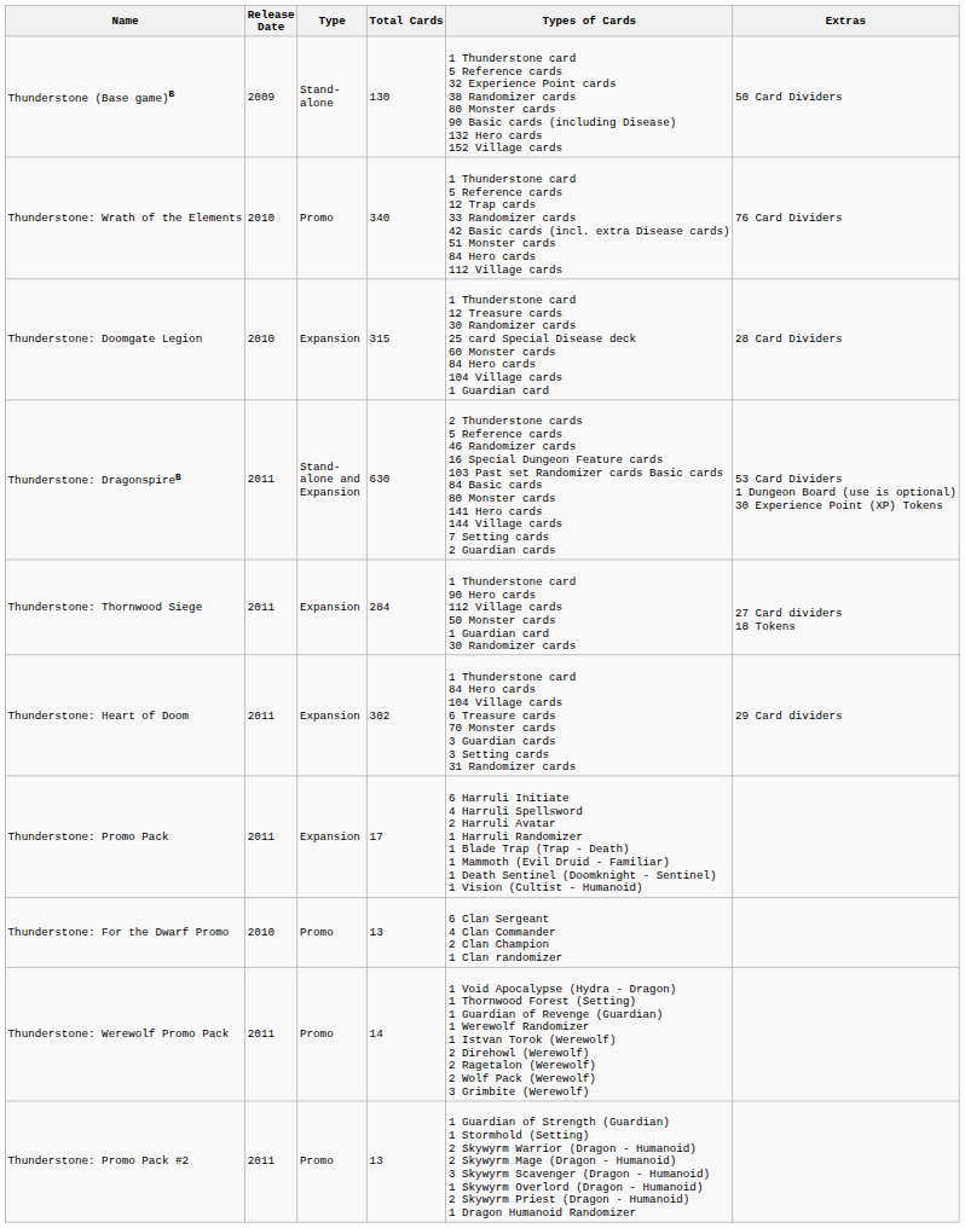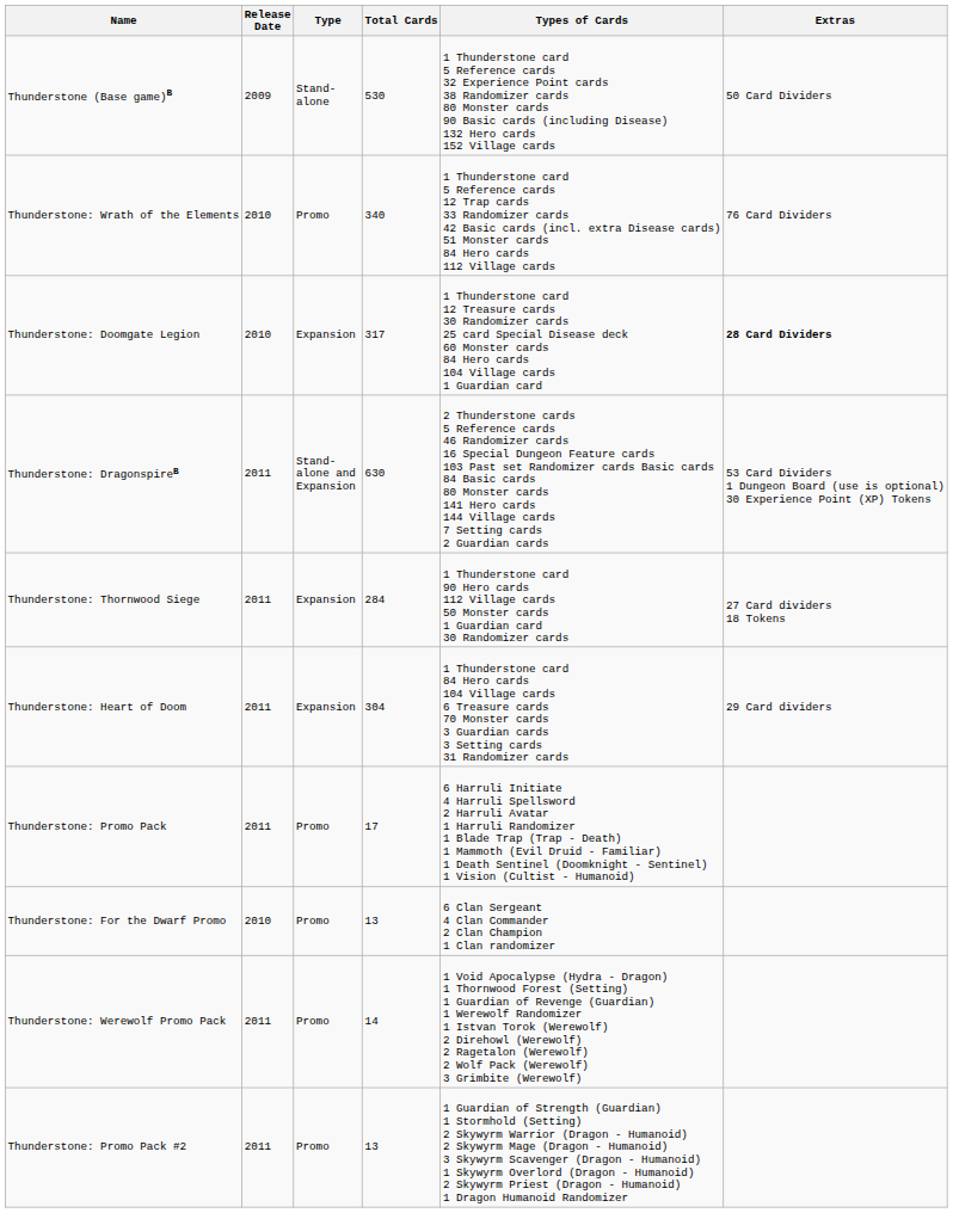 <table class="wikitable sortable">
 <tr>
 <th>Name</th>
 <th>Release<br>Date</th>
 <th width="75px">Type</th>
 <th>Total Cards</th>
 <th>Types of Cards</th>
 <th>Extras</th>
 </tr>
 <tr>
 <td>Thunderstone (Base game)<sup><strong>B</strong></sup></td>
 <td>2009</td>
 <td>Stand-alone</td>
-<td>130</td>
+<td>530</td>
 <td><br>1 Thunderstone card<br> 5 Reference cards<br> 32 Experience Point cards<br> 38 Randomizer cards<br> 80 Monster cards<br> 90 Basic cards (including Disease)<br> 132 Hero cards<br> 152 Village cards</td>
 <td>50 Card Dividers</td>
 </tr>
 <tr>
 <td>Thunderstone: Wrath of the Elements</td>
 <td>2010</td>
 <td>Promo</td>
 <td>340</td>
 <td><br>1 Thunderstone card<br> 5 Reference cards<br> 12 Trap cards<br> 33 Randomizer cards<br> 42 Basic cards (incl. extra Disease cards)<br> 51 Monster cards<br> 84 Hero cards<br> 112 Village cards</td>
 <td>76 Card Dividers</td>
 </tr>
 <tr>
 <td>Thunderstone: Doomgate Legion</td>
 <td>2010</td>
 <td>Expansion</td>
-<td>315</td>
+<td>317</td>
 <td><br>1 Thunderstone card<br> 12 Treasure cards<br> 30 Randomizer cards<br> 25 card Special Disease deck<br> 60 Monster cards<br> 84 Hero cards<br> 104 Village cards<br> 1 Guardian card</td>
-<td>28 Card Dividers</td>
+<td><strong>28 Card Dividers</strong></td>
 </tr>
 <tr>
 <td>Thunderstone: Dragonspire<sup><strong>B</strong></sup></td>
 <td>2011</td>
 <td>Stand-alone and Expansion</td>
 <td>630</td>
 <td><br>2 Thunderstone cards<br> 5 Reference cards<br> 46 Randomizer cards<br> 16 Special Dungeon Feature cards<br> 103 Past set Randomizer cards Basic cards<br> 84 Basic cards<br> 80 Monster cards<br> 141 Hero cards<br> 144 Village cards<br> 7 Setting cards<br> 2 Guardian cards</td>
 <td><br><br>53 Card Dividers<br> 1 Dungeon Board (use is optional)<br> 30 Experience Point (XP) Tokens</td>
 </tr>
 <tr>
 <td>Thunderstone: Thornwood Siege</td>
 <td>2011</td>
 <td>Expansion</td>
 <td>284</td>
 <td><br>1 Thunderstone card<br> 90 Hero cards<br> 112 Village cards<br> 50 Monster cards<br> 1 Guardian card<br> 30 Randomizer cards</td>
 <td><br><br>27 Card dividers<br> 18 Tokens</td>
 </tr>
 <tr>
 <td>Thunderstone: Heart of Doom</td>
 <td>2011</td>
 <td>Expansion</td>
-<td>302</td>
+<td>304</td>
 <td><br>1 Thunderstone card<br> 84 Hero cards<br> 104 Village cards<br> 6 Treasure cards<br> 70 Monster cards<br> 3 Guardian cards<br> 3 Setting cards<br> 31 Randomizer cards</td>
 <td>29 Card dividers</td>
 </tr>
 <tr>
 <td>Thunderstone: Promo Pack</td>
 <td>2011</td>
-<td>Expansion</td>
+<td>Promo</td>
 <td>17</td>
 <td><br>6 Harruli Initiate<br> 4 Harruli Spellsword<br> 2 Harruli Avatar<br> 1 Harruli Randomizer <br> 1 Blade Trap (Trap - Death)<br> 1 Mammoth (Evil Druid - Familiar)<br> 1 Death Sentinel (Doomknight - Sentinel)<br> 1 Vision (Cultist - Humanoid)<br></td>
 <td></td>
 </tr>
 <tr>
 <td>Thunderstone: For the Dwarf Promo</td>
 <td>2010</td>
 <td>Promo</td>
 <td>13</td>
 <td><br>6 Clan Sergeant<br> 4 Clan Commander<br> 2 Clan Champion<br> 1 Clan randomizer<br></td>
 <td></td>
 </tr>
 <tr>
 <td>Thunderstone: Werewolf Promo Pack</td>
 <td>2011</td>
 <td>Promo</td>
 <td>14</td>
 <td><br>1 Void Apocalypse (Hydra - Dragon)<br> 1 Thornwood Forest (Setting)<br> 1 Guardian of Revenge (Guardian)<br> 1 Werewolf Randomizer<br> 1 Istvan Torok (Werewolf)<br> 2 Direhowl (Werewolf)<br> 2 Ragetalon (Werewolf)<br> 2 Wolf Pack (Werewolf)<br> 3 Grimbite (Werewolf)<br></td>
 <td></td>
 </tr>
 <tr>
 <td>Thunderstone: Promo Pack #2</td>
 <td>2011</td>
 <td>Promo</td>
 <td>13</td>
 <td><br>1 Guardian of Strength (Guardian)<br> 1 Stormhold (Setting)<br> 2 Skywyrm Warrior (Dragon - Humanoid)<br> 2 Skywyrm Mage (Dragon - Humanoid)<br> 3 Skywyrm Scavenger (Dragon - Humanoid)<br> 1 Skywyrm Overlord (Dragon - Humanoid)<br> 2 Skywyrm Priest (Dragon - Humanoid)<br> 1 Dragon Humanoid Randomizer<br></td>
 <td></td>
 </tr>
 </table>
